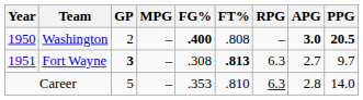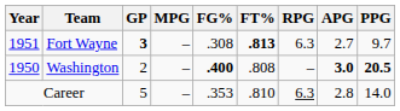 <table class="wikitable sortable" style="font-size:95%; text-align:right;">
 <tr>
 <th>Year</th>
 <th>Team</th>
 <th>GP</th>
 <th>MPG</th>
 <th>FG%</th>
 <th>FT%</th>
 <th>RPG</th>
 <th>APG</th>
 <th>PPG</th>
 </tr>
 <tr>
+<td style="text-align:left;"><a href='#'>1951</a></td>
+<td style="text-align:left;"><a href='#'>Fort Wayne</a></td>
+<td><strong>3</strong></td>
+<td>–</td>
+<td>.308</td>
+<td><strong>.813</strong></td>
+<td>6.3</td>
+<td>2.7</td>
+<td>9.7</td>
+</tr>
+<tr>
 <td style="text-align:left;"><a href='#'>1950</a></td>
 <td style="text-align:left;"><a href='#'>Washington</a></td>
 <td>2</td>
 <td>–</td>
 <td><strong>.400</strong></td>
 <td>.808</td>
 <td>–</td>
 <td><strong>3.0</strong></td>
 <td><strong>20.5</strong></td>
-</tr>
-<tr>
-<td style="text-align:left;"><a href='#'>1951</a></td>
-<td style="text-align:left;"><a href='#'>Fort Wayne</a></td>
-<td><strong>3</strong></td>
-<td>–</td>
-<td>.308</td>
-<td><strong>.813</strong></td>
-<td>6.3</td>
-<td>2.7</td>
-<td>9.7</td>
 </tr>
 <tr>
 <td colspan="2" style="text-align:center;">Career</td>
 <td>5</td>
 <td>–</td>
 <td>.353</td>
 <td>.810</td>
 <td><u>6.3</u></td>
 <td>2.8</td>
 <td>14.0</td>
 </tr>
 </table>
